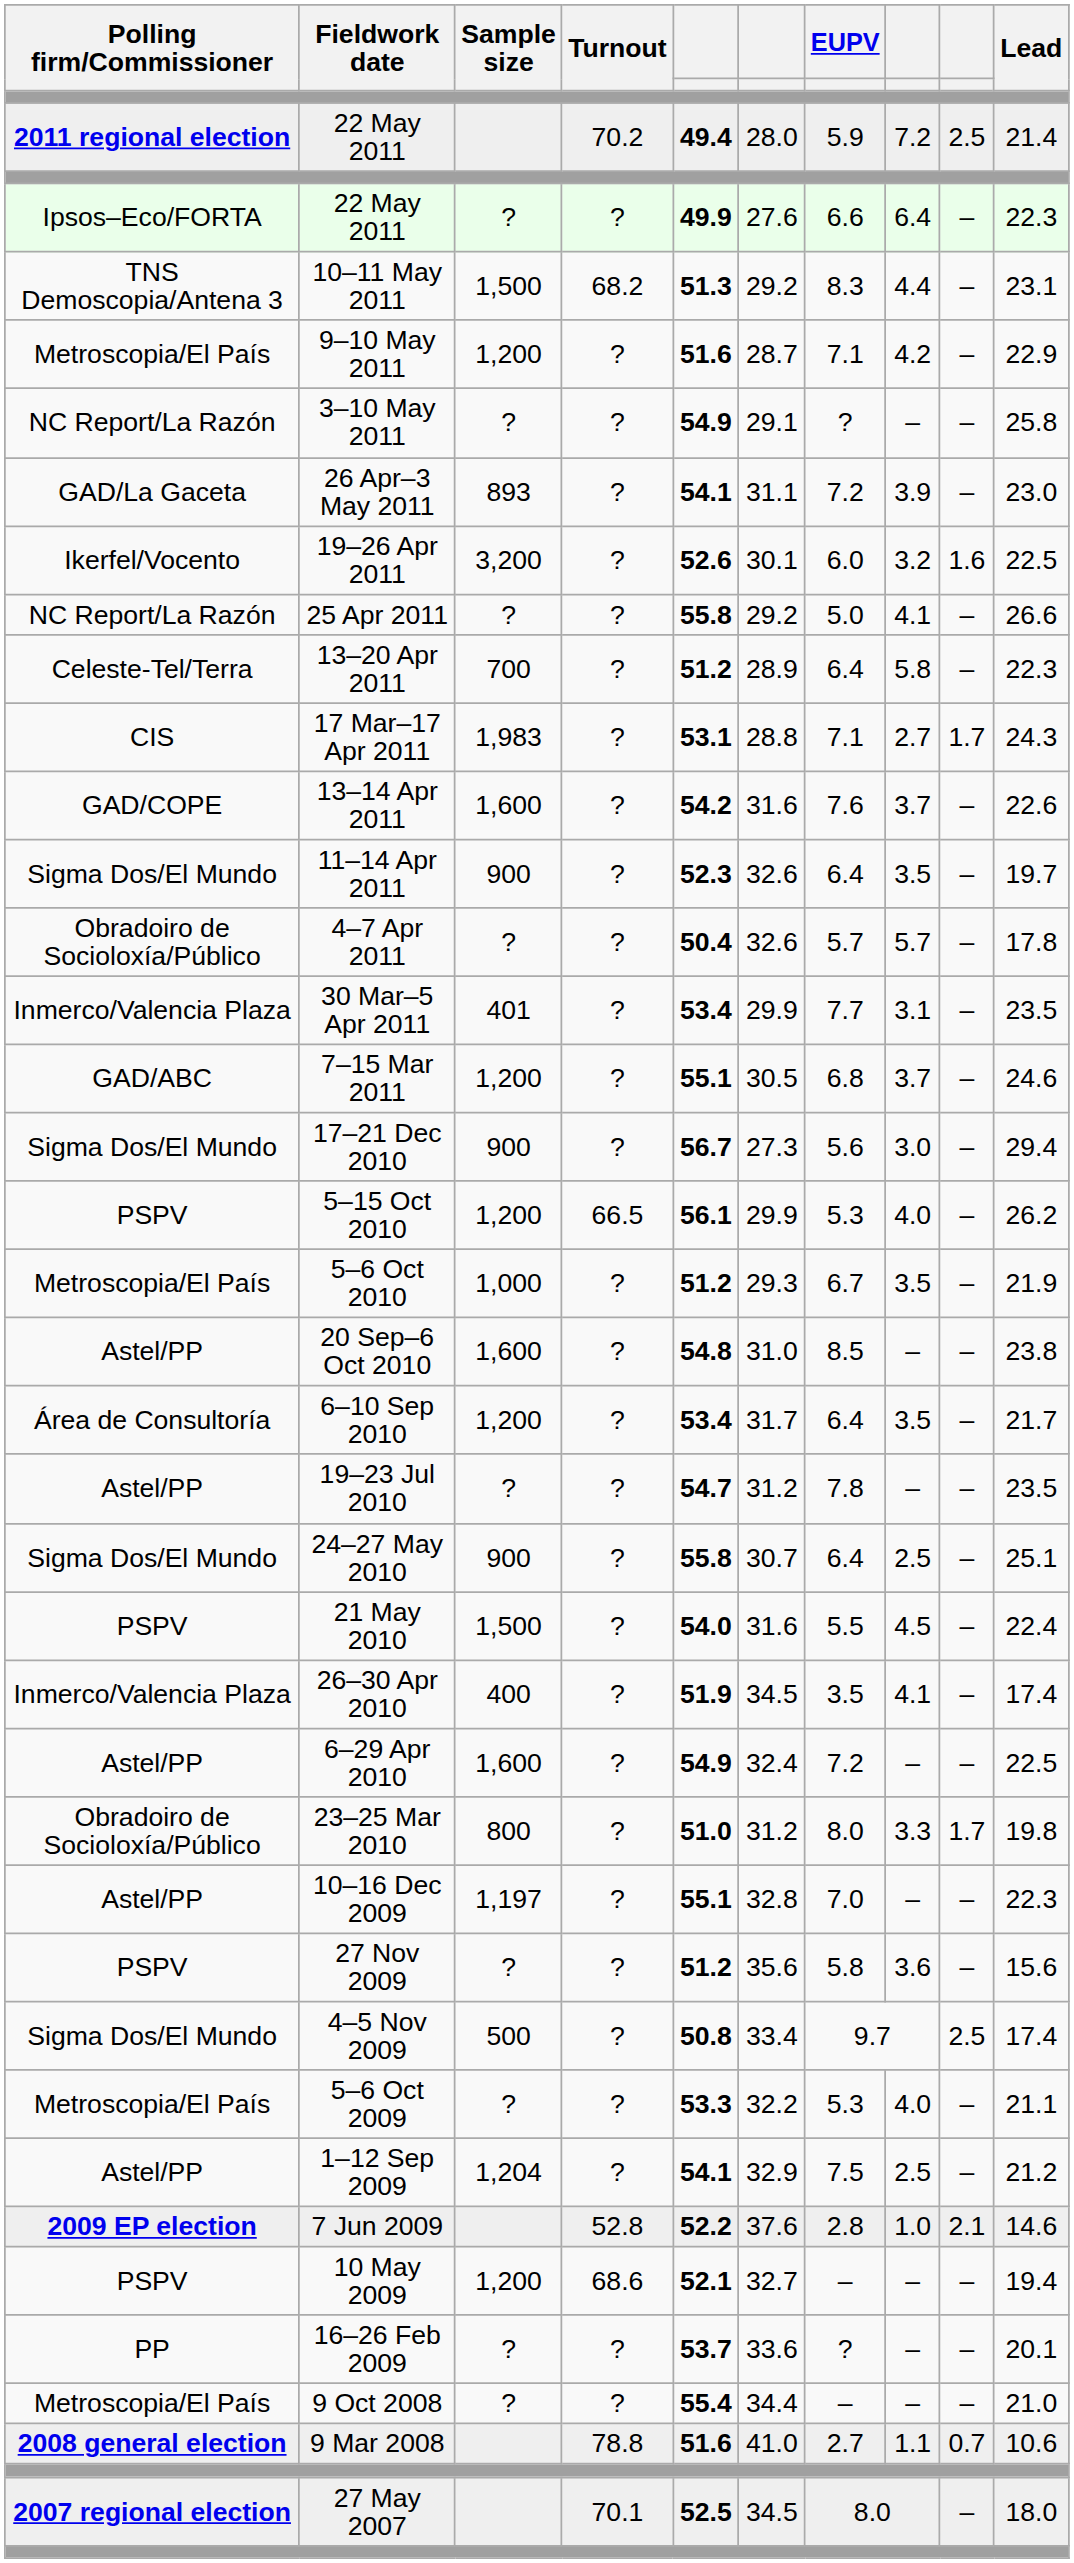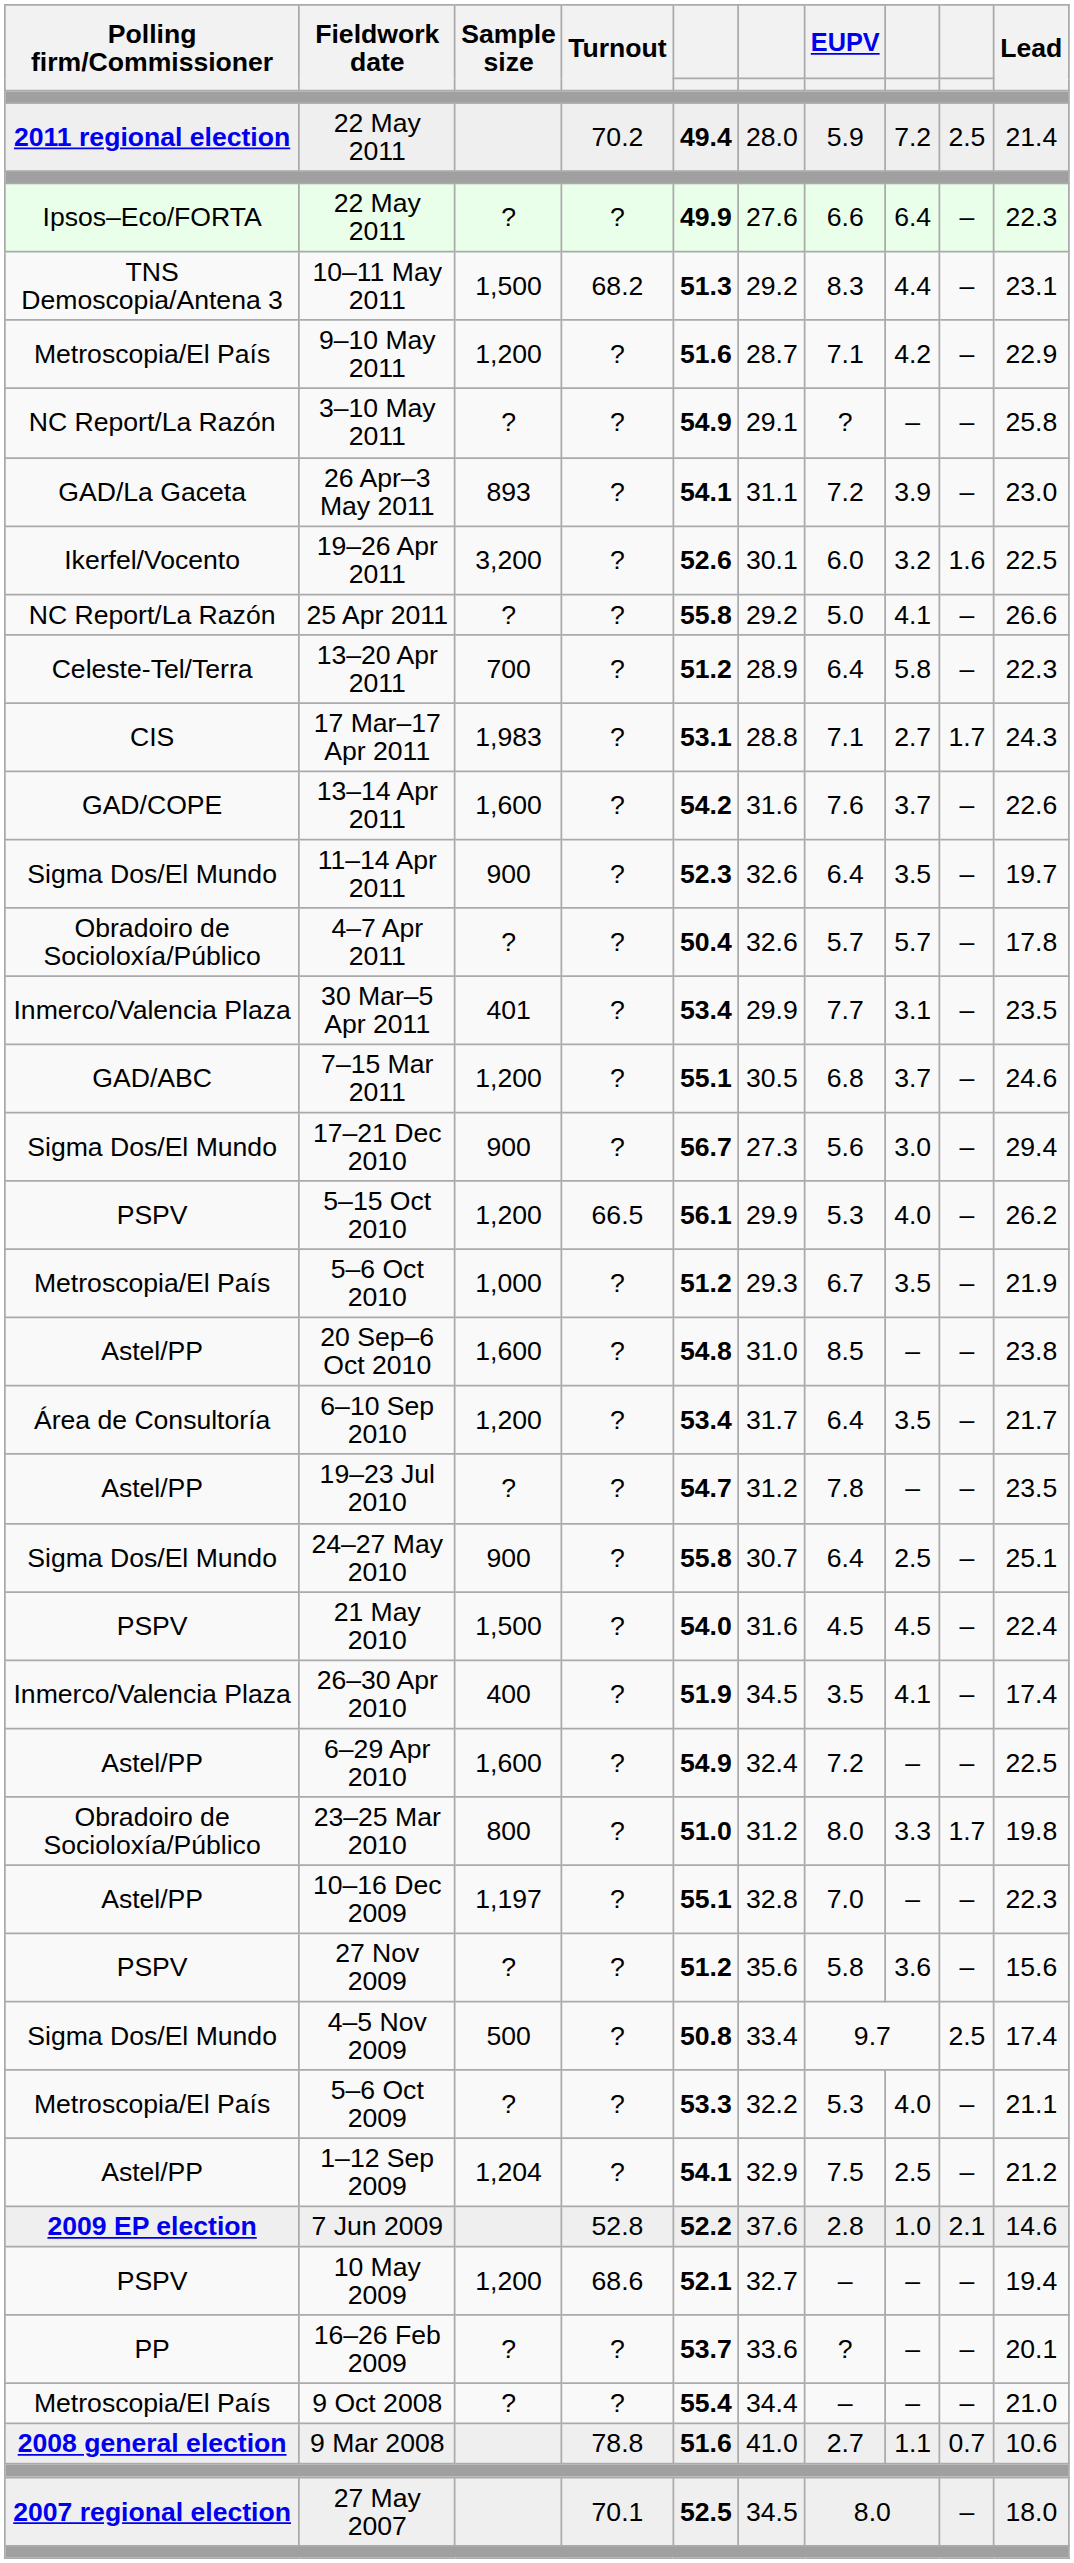 <table class="wikitable collapsible collapsed" style="text-align:center; font-size:95%; line-height:16px;">
 <tr style="height:42px;">
 <th style="width:250px;" rowspan="2">Polling firm/Commissioner</th>
 <th style="width:125px;" rowspan="2">Fieldwork date</th>
 <th style="width:50px;" rowspan="2">Sample size</th>
 <th style="width:45px;" rowspan="2">Turnout</th>
 <th style="width:35px;"></th>
 <th style="width:35px;"></th>
 <th style="width:35px; font-size:95%;"><a href='#'>EUPV</a></th>
 <th style="width:35px;"></th>
 <th style="width:35px;"></th>
 <th style="width:30px;" rowspan="2">Lead</th>
 </tr>
 <tr>
 <th style="color:inherit;background:"></th>
 <th style="color:inherit;background:"></th>
 <th style="color:inherit;background:"></th>
 <th style="color:inherit;background:"></th>
 <th style="color:inherit;background:"></th>
 </tr>
 <tr>
 <td colspan="10" style="background:#A0A0A0"></td>
 </tr>
 <tr style="background:#EFEFEF;">
 <td><strong><a href='#'>2011 regional election</a></strong></td>
 <td>22 May 2011</td>
 <td></td>
 <td>70.2</td>
 <td><strong>49.4</strong><br></td>
 <td>28.0<br></td>
 <td>5.9<br></td>
 <td>7.2<br></td>
 <td>2.5<br></td>
 <td style="background:">21.4</td>
 </tr>
 <tr>
 <td colspan="10" style="background:#A0A0A0"></td>
 </tr>
 <tr style="background:#EAFFEA;">
 <td>Ipsos–Eco/FORTA</td>
 <td>22 May 2011</td>
 <td>?</td>
 <td>?</td>
 <td><strong>49.9</strong><br></td>
 <td>27.6<br></td>
 <td>6.6<br></td>
 <td>6.4<br></td>
 <td>–</td>
 <td style="background:">22.3</td>
 </tr>
 <tr>
 <td>TNS Demoscopia/Antena 3</td>
 <td>10–11 May 2011</td>
 <td>1,500</td>
 <td>68.2</td>
 <td><strong>51.3</strong><br></td>
 <td>29.2<br></td>
 <td>8.3<br></td>
 <td>4.4<br></td>
 <td>–</td>
 <td style="background:">23.1</td>
 </tr>
 <tr>
 <td>Metroscopia/El País</td>
 <td>9–10 May 2011</td>
 <td>1,200</td>
 <td>?</td>
 <td><strong>51.6</strong><br></td>
 <td>28.7<br></td>
 <td>7.1<br></td>
 <td>4.2<br></td>
 <td>–</td>
 <td style="background:">22.9</td>
 </tr>
 <tr>
 <td>NC Report/La Razón</td>
 <td>3–10 May 2011</td>
 <td>?</td>
 <td>?</td>
 <td><strong>54.9</strong><br></td>
 <td>29.1<br></td>
 <td>?<br></td>
 <td>–</td>
 <td>–</td>
 <td style="background:">25.8</td>
 </tr>
 <tr>
 <td>GAD/La Gaceta</td>
 <td>26 Apr–3 May 2011</td>
 <td>893</td>
 <td>?</td>
 <td><strong>54.1</strong><br></td>
 <td>31.1<br></td>
 <td>7.2<br></td>
 <td>3.9<br></td>
 <td>–</td>
 <td style="background:">23.0</td>
 </tr>
 <tr>
 <td>Ikerfel/Vocento</td>
 <td>19–26 Apr 2011</td>
 <td>3,200</td>
 <td>?</td>
 <td><strong>52.6</strong><br></td>
 <td>30.1<br></td>
 <td>6.0<br></td>
 <td>3.2<br></td>
 <td>1.6<br></td>
 <td style="background:">22.5</td>
 </tr>
 <tr>
 <td>NC Report/La Razón</td>
 <td>25 Apr 2011</td>
 <td>?</td>
 <td>?</td>
 <td><strong>55.8</strong><br></td>
 <td>29.2<br></td>
 <td>5.0<br></td>
 <td>4.1<br></td>
 <td>–</td>
 <td style="background:">26.6</td>
 </tr>
 <tr>
 <td>Celeste-Tel/Terra</td>
 <td>13–20 Apr 2011</td>
 <td>700</td>
 <td>?</td>
 <td><strong>51.2</strong><br></td>
 <td>28.9<br></td>
 <td>6.4<br></td>
 <td>5.8<br></td>
 <td>–</td>
 <td style="background:">22.3</td>
 </tr>
 <tr>
 <td>CIS</td>
 <td>17 Mar–17 Apr 2011</td>
 <td>1,983</td>
 <td>?</td>
 <td><strong>53.1</strong><br></td>
 <td>28.8<br></td>
 <td>7.1<br></td>
 <td>2.7<br></td>
 <td>1.7<br></td>
 <td style="background:">24.3</td>
 </tr>
 <tr>
 <td>GAD/COPE</td>
 <td>13–14 Apr 2011</td>
 <td>1,600</td>
 <td>?</td>
 <td><strong>54.2</strong><br></td>
 <td>31.6<br></td>
 <td>7.6<br></td>
 <td>3.7<br></td>
 <td>–</td>
 <td style="background:">22.6</td>
 </tr>
 <tr>
 <td>Sigma Dos/El Mundo</td>
 <td>11–14 Apr 2011</td>
 <td>900</td>
 <td>?</td>
 <td><strong>52.3</strong><br></td>
 <td>32.6<br></td>
 <td>6.4<br></td>
 <td>3.5<br></td>
 <td>–</td>
 <td style="background:">19.7</td>
 </tr>
 <tr>
 <td>Obradoiro de Socioloxía/Público</td>
 <td>4–7 Apr 2011</td>
 <td>?</td>
 <td>?</td>
 <td><strong>50.4</strong><br></td>
 <td>32.6<br></td>
 <td>5.7<br></td>
 <td>5.7<br></td>
 <td>–</td>
 <td style="background:">17.8</td>
 </tr>
 <tr>
 <td>Inmerco/Valencia Plaza</td>
 <td>30 Mar–5 Apr 2011</td>
 <td>401</td>
 <td>?</td>
 <td><strong>53.4</strong></td>
 <td>29.9</td>
 <td>7.7</td>
 <td>3.1</td>
 <td>–</td>
 <td style="background:">23.5</td>
 </tr>
 <tr>
 <td>GAD/ABC</td>
 <td>7–15 Mar 2011</td>
 <td>1,200</td>
 <td>?</td>
 <td><strong>55.1</strong><br></td>
 <td>30.5<br></td>
 <td>6.8<br></td>
 <td>3.7<br></td>
 <td>–</td>
 <td style="background:">24.6</td>
 </tr>
 <tr>
 <td>Sigma Dos/El Mundo</td>
 <td>17–21 Dec 2010</td>
 <td>900</td>
 <td>?</td>
 <td><strong>56.7</strong><br></td>
 <td>27.3<br></td>
 <td>5.6<br></td>
 <td>3.0<br></td>
 <td>–</td>
 <td style="background:">29.4</td>
 </tr>
 <tr>
 <td>PSPV</td>
 <td>5–15 Oct 2010</td>
 <td>1,200</td>
 <td>66.5</td>
 <td><strong>56.1</strong><br></td>
 <td>29.9<br></td>
 <td>5.3<br></td>
 <td>4.0<br></td>
 <td>–</td>
 <td style="background:">26.2</td>
 </tr>
 <tr>
 <td>Metroscopia/El País</td>
 <td>5–6 Oct 2010</td>
 <td>1,000</td>
 <td>?</td>
 <td><strong>51.2</strong><br></td>
 <td>29.3<br></td>
 <td>6.7<br></td>
 <td>3.5<br></td>
 <td>–</td>
 <td style="background:">21.9</td>
 </tr>
 <tr>
 <td>Astel/PP</td>
 <td>20 Sep–6 Oct 2010</td>
 <td>1,600</td>
 <td>?</td>
 <td><strong>54.8</strong><br></td>
 <td>31.0<br></td>
 <td>8.5<br></td>
 <td>–</td>
 <td>–</td>
 <td style="background:">23.8</td>
 </tr>
 <tr>
 <td>Área de Consultoría</td>
 <td>6–10 Sep 2010</td>
 <td>1,200</td>
 <td>?</td>
 <td><strong>53.4</strong><br></td>
 <td>31.7<br></td>
 <td>6.4<br></td>
 <td>3.5<br></td>
 <td>–</td>
 <td style="background:">21.7</td>
 </tr>
 <tr>
 <td>Astel/PP</td>
 <td>19–23 Jul 2010</td>
 <td>?</td>
 <td>?</td>
 <td><strong>54.7</strong><br></td>
 <td>31.2<br></td>
 <td>7.8<br></td>
 <td>–</td>
 <td>–</td>
 <td style="background:">23.5</td>
 </tr>
 <tr>
 <td>Sigma Dos/El Mundo</td>
 <td>24–27 May 2010</td>
 <td>900</td>
 <td>?</td>
 <td><strong>55.8</strong><br></td>
 <td>30.7<br></td>
 <td>6.4<br></td>
 <td>2.5<br></td>
 <td>–</td>
 <td style="background:">25.1</td>
 </tr>
 <tr>
 <td>PSPV</td>
 <td>21 May 2010</td>
 <td>1,500</td>
 <td>?</td>
 <td><strong>54.0</strong><br></td>
 <td>31.6<br></td>
-<td>5.5<br></td>
+<td>4.5<br></td>
 <td>4.5<br></td>
 <td>–</td>
 <td style="background:">22.4</td>
 </tr>
 <tr>
 <td>Inmerco/Valencia Plaza</td>
 <td>26–30 Apr 2010</td>
 <td>400</td>
 <td>?</td>
 <td><strong>51.9</strong></td>
 <td>34.5</td>
 <td>3.5</td>
 <td>4.1</td>
 <td>–</td>
 <td style="background:">17.4</td>
 </tr>
 <tr>
 <td>Astel/PP</td>
 <td>6–29 Apr 2010</td>
 <td>1,600</td>
 <td>?</td>
 <td><strong>54.9</strong><br></td>
 <td>32.4<br></td>
 <td>7.2<br></td>
 <td>–</td>
 <td>–</td>
 <td style="background:">22.5</td>
 </tr>
 <tr>
 <td>Obradoiro de Socioloxía/Público</td>
 <td>23–25 Mar 2010</td>
 <td>800</td>
 <td>?</td>
 <td><strong>51.0</strong><br></td>
 <td>31.2<br></td>
 <td>8.0<br></td>
 <td>3.3<br></td>
 <td>1.7<br></td>
 <td style="background:">19.8</td>
 </tr>
 <tr>
 <td>Astel/PP</td>
 <td>10–16 Dec 2009</td>
 <td>1,197</td>
 <td>?</td>
 <td><strong>55.1</strong><br></td>
 <td>32.8<br></td>
 <td>7.0<br></td>
 <td>–</td>
 <td>–</td>
 <td style="background:">22.3</td>
 </tr>
 <tr>
 <td>PSPV</td>
 <td>27 Nov 2009</td>
 <td>?</td>
 <td>?</td>
 <td><strong>51.2</strong></td>
 <td>35.6</td>
 <td>5.8</td>
 <td>3.6</td>
 <td>–</td>
 <td style="background:">15.6</td>
 </tr>
 <tr>
 <td>Sigma Dos/El Mundo</td>
 <td>4–5 Nov 2009</td>
 <td>500</td>
 <td>?</td>
 <td><strong>50.8</strong></td>
 <td>33.4</td>
 <td colspan="2">9.7</td>
 <td>2.5</td>
 <td style="background:">17.4</td>
 </tr>
 <tr>
 <td>Metroscopia/El País</td>
 <td>5–6 Oct 2009</td>
 <td>?</td>
 <td>?</td>
 <td><strong>53.3</strong><br></td>
 <td>32.2<br></td>
 <td>5.3<br></td>
 <td>4.0<br></td>
 <td>–</td>
 <td style="background:">21.1</td>
 </tr>
 <tr>
 <td>Astel/PP</td>
 <td>1–12 Sep 2009</td>
 <td>1,204</td>
 <td>?</td>
 <td><strong>54.1</strong><br></td>
 <td>32.9<br></td>
 <td>7.5<br></td>
 <td>2.5<br></td>
 <td>–</td>
 <td style="background:">21.2</td>
 </tr>
 <tr style="background:#EFEFEF;">
 <td><strong><a href='#'>2009 EP election</a></strong></td>
 <td>7 Jun 2009</td>
 <td></td>
 <td>52.8</td>
 <td><strong>52.2</strong><br></td>
 <td>37.6<br></td>
 <td>2.8<br></td>
 <td>1.0<br></td>
 <td>2.1<br></td>
 <td style="background:">14.6</td>
 </tr>
 <tr>
 <td>PSPV</td>
 <td>10 May 2009</td>
 <td>1,200</td>
 <td>68.6</td>
 <td><strong>52.1</strong><br></td>
 <td>32.7<br></td>
 <td>–</td>
 <td>–</td>
 <td>–</td>
 <td style="background:">19.4</td>
 </tr>
 <tr>
 <td>PP</td>
 <td>16–26 Feb 2009</td>
 <td>?</td>
 <td>?</td>
 <td><strong>53.7</strong><br></td>
 <td>33.6<br></td>
 <td>?<br></td>
 <td>–</td>
 <td>–</td>
 <td style="background:">20.1</td>
 </tr>
 <tr>
 <td>Metroscopia/El País</td>
 <td>9 Oct 2008</td>
 <td>?</td>
 <td>?</td>
 <td><strong>55.4</strong><br></td>
 <td>34.4<br></td>
 <td>–</td>
 <td>–</td>
 <td>–</td>
 <td style="background:">21.0</td>
 </tr>
 <tr style="background:#EFEFEF;">
 <td><strong><a href='#'>2008 general election</a></strong></td>
 <td>9 Mar 2008</td>
 <td></td>
 <td>78.8</td>
 <td><strong>51.6</strong><br></td>
 <td>41.0<br></td>
 <td>2.7<br></td>
 <td>1.1<br></td>
 <td>0.7<br></td>
 <td style="background:">10.6</td>
 </tr>
 <tr>
 <td colspan="10" style="background:#A0A0A0"></td>
 </tr>
 <tr style="background:#EFEFEF;">
 <td><strong><a href='#'>2007 regional election</a></strong></td>
 <td>27 May 2007</td>
 <td></td>
 <td>70.1</td>
 <td><strong>52.5</strong><br></td>
 <td>34.5<br></td>
 <td colspan="2">8.0<br></td>
 <td>–</td>
 <td style="background:">18.0</td>
 </tr>
 <tr>
 <td colspan="10" style="background:#A0A0A0"></td>
 </tr>
 </table>
